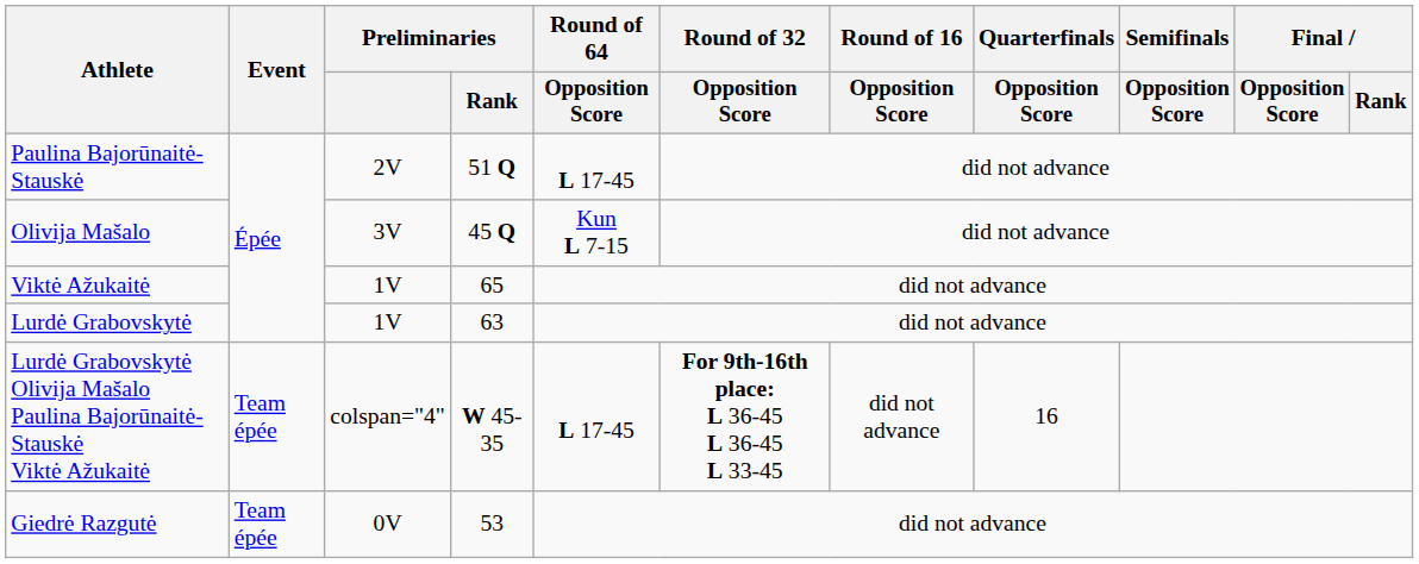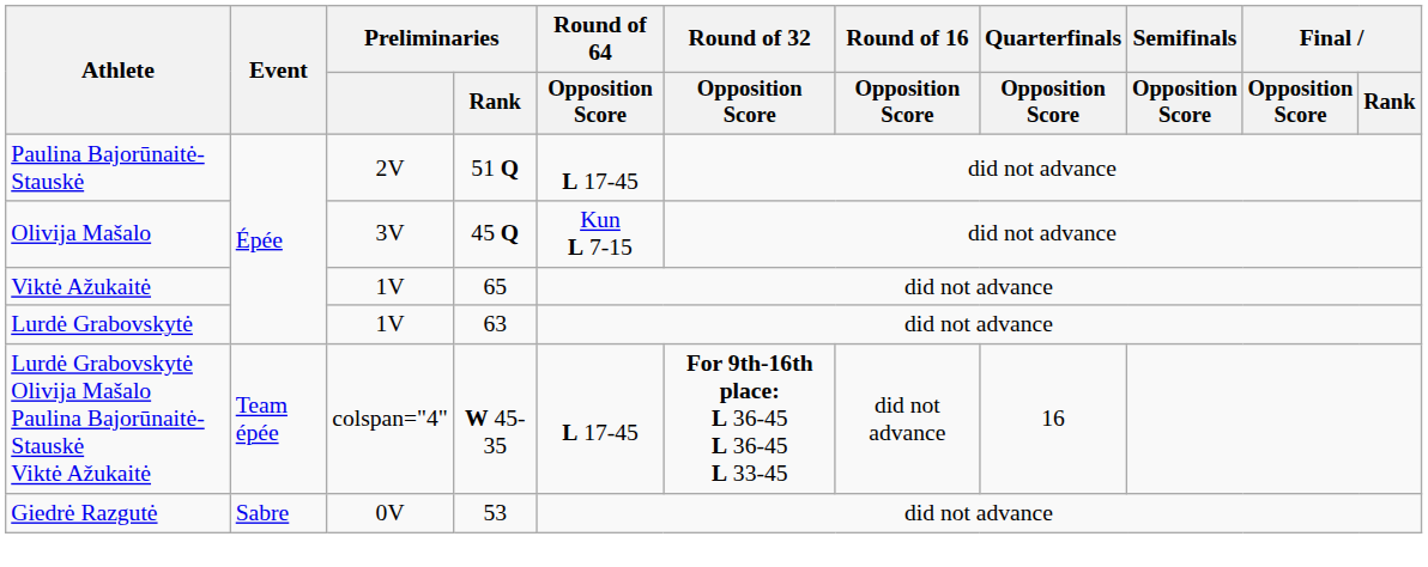 <table class="wikitable" style="font-size:90%">
 <tr>
 <th rowspan=2>Athlete</th>
 <th rowspan=2>Event</th>
 <th colspan=2>Preliminaries</th>
 <th>Round of 64</th>
 <th>Round of 32</th>
 <th>Round of 16</th>
 <th>Quarterfinals</th>
 <th>Semifinals</th>
 <th colspan=2>Final / </th>
 </tr>
 <tr style="font-size:95%">
 <th></th>
 <th>Rank</th>
 <th>Opposition<br>Score</th>
 <th>Opposition<br>Score</th>
 <th>Opposition<br>Score</th>
 <th>Opposition<br>Score</th>
 <th>Opposition<br>Score</th>
 <th>Opposition<br>Score</th>
 <th>Rank</th>
 </tr>
 <tr align=center>
 <td align=left><a href='#'>Paulina Bajorūnaitė-Stauskė</a></td>
 <td style="text-align:left;" rowspan=4><a href='#'>Épée</a></td>
 <td>2V</td>
 <td>51 <strong>Q</strong></td>
 <td> <br> <strong>L</strong> 17-45</td>
 <td colspan=6>did not advance</td>
 </tr>
 <tr align=center>
 <td align=left><a href='#'>Olivija Mašalo</a></td>
 <td>3V</td>
 <td>45 <strong>Q</strong></td>
 <td> <a href='#'>Kun</a> <br> <strong>L</strong> 7-15</td>
 <td colspan=6>did not advance</td>
 </tr>
 <tr align=center>
 <td align=left><a href='#'>Viktė Ažukaitė</a></td>
 <td>1V</td>
 <td>65</td>
 <td colspan=7>did not advance</td>
 </tr>
 <tr align=center>
 <td align=left><a href='#'>Lurdė Grabovskytė</a></td>
 <td>1V</td>
 <td>63</td>
 <td colspan=7>did not advance</td>
 </tr>
 <tr align=center>
 <td align=left><a href='#'>Lurdė Grabovskytė</a><br><a href='#'>Olivija Mašalo</a><br><a href='#'>Paulina Bajorūnaitė-Stauskė</a><br><a href='#'>Viktė Ažukaitė</a></td>
 <td style="text-align:left;"><a href='#'>Team épée</a></td>
 <td>colspan="4" </td>
 <td> <br> <strong>W</strong> 45-35</td>
 <td> <br> <strong>L</strong> 17-45</td>
 <td><strong>For 9th-16th place:</strong> <br>  <strong>L</strong> 36-45 <br>   <strong>L</strong> 36-45 <br>  <strong>L</strong> 33-45</td>
 <td>did not advance</td>
 <td>16</td>
 </tr>
 <tr align=center>
 <td align=left><a href='#'>Giedrė Razgutė</a></td>
-<td style="text-align:left;"><a href='#'>Team épée</a></td>
+<td style="text-align:left;"><a href='#'>Sabre</a></td>
 <td>0V</td>
 <td>53</td>
 <td colspan=7>did not advance</td>
 </tr>
 </table>
